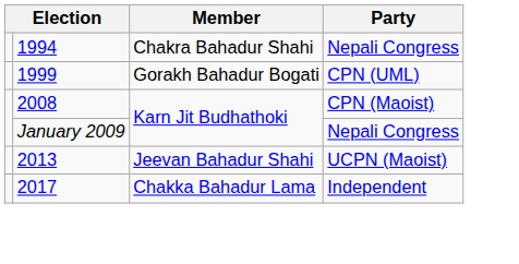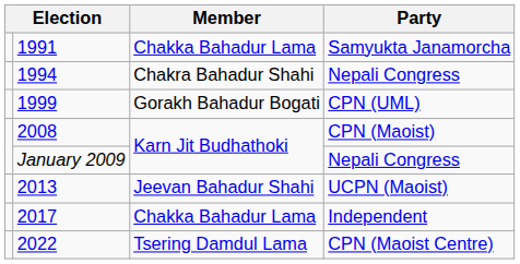 <table class="wikitable">
 <tr>
 <th colspan="2">Election</th>
 <th>Member</th>
 <th>Party</th>
+</tr>
+<tr>
+<td style="color:inherit;background:"></td>
+<td><a href='#'>1991</a></td>
+<td><a href='#'>Chakka Bahadur Lama</a></td>
+<td><a href='#'>Samyukta Janamorcha</a></td>
 </tr>
 <tr>
 <td style="color:inherit;background:"></td>
 <td><a href='#'>1994</a></td>
 <td>Chakra Bahadur Shahi</td>
 <td><a href='#'>Nepali Congress</a></td>
 </tr>
 <tr>
 <td style="color:inherit;background:"></td>
 <td><a href='#'>1999</a></td>
 <td>Gorakh Bahadur Bogati</td>
 <td><a href='#'>CPN (UML)</a></td>
 </tr>
 <tr>
 <td rowspan="2" style="color:inherit;background:"></td>
 <td><a href='#'>2008</a></td>
 <td rowspan="2"><a href='#'>Karn Jit Budhathoki</a></td>
 <td><a href='#'>CPN (Maoist)</a></td>
 </tr>
 <tr>
 <td><em>January 2009</em></td>
 <td><a href='#'>Nepali Congress</a></td>
 </tr>
 <tr>
 <td style="color:inherit;background:"></td>
 <td><a href='#'>2013</a></td>
 <td><a href='#'>Jeevan Bahadur Shahi</a></td>
 <td><a href='#'>UCPN (Maoist)</a></td>
 </tr>
 <tr>
 <td style="color:inherit;background:"></td>
 <td><a href='#'>2017</a></td>
 <td><a href='#'>Chakka Bahadur Lama</a></td>
 <td><a href='#'>Independent</a></td>
 </tr>
+<tr>
+<td style="color:inherit;background:"></td>
+<td><a href='#'>2022</a></td>
+<td><a href='#'>Tsering Damdul Lama</a></td>
+<td><a href='#'>CPN (Maoist Centre)</a></td>
+</tr>
 </table>
